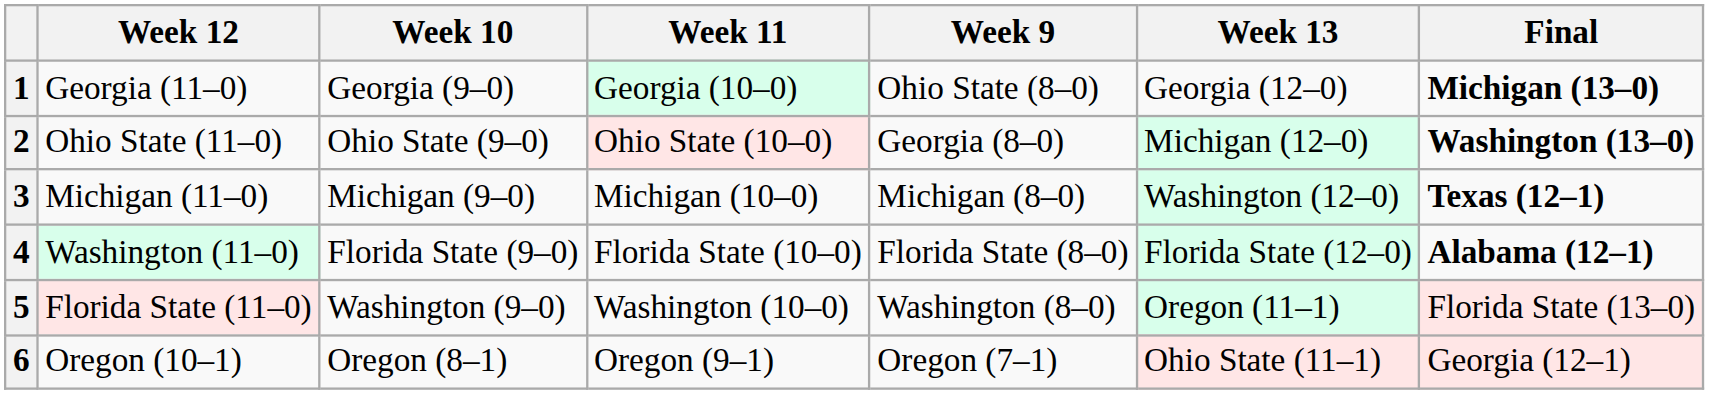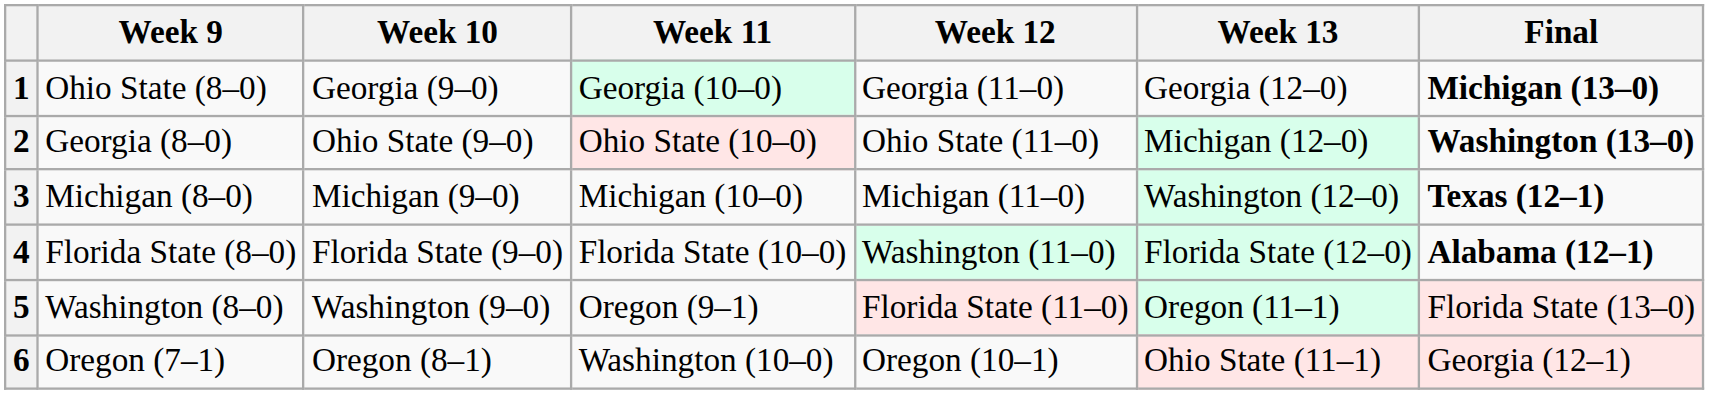 <table class="wikitable" style="font-size:90%">
 <tr>
 <th></th>
-<th>Week 12</th>
+<th>Week 9</th>
 <th>Week 10</th>
 <th>Week 11</th>
-<th>Week 9</th>
+<th>Week 12</th>
 <th>Week 13</th>
 <th>Final</th>
 </tr>
 <tr>
 <th>1</th>
-<td>Georgia (11–0)</td>
+<td>Ohio State (8–0)</td>
 <td>Georgia (9–0)</td>
 <td style="background:#d8ffeb">Georgia (10–0)</td>
-<td>Ohio State (8–0)</td>
+<td>Georgia (11–0)</td>
 <td>Georgia (12–0)</td>
 <td style="background:#"><strong>Michigan (13–0)</strong></td>
 </tr>
 <tr>
 <th>2</th>
-<td>Ohio State (11–0)</td>
+<td>Georgia (8–0)</td>
 <td>Ohio State (9–0)</td>
 <td style="background:#ffe6e6">Ohio State (10–0)</td>
-<td>Georgia (8–0)</td>
+<td>Ohio State (11–0)</td>
 <td style="background:#d8ffeb">Michigan (12–0)</td>
 <td style="background:#"><strong>Washington (13–0)</strong></td>
 </tr>
 <tr>
 <th>3</th>
-<td>Michigan (11–0)</td>
+<td>Michigan (8–0)</td>
 <td>Michigan (9–0)</td>
 <td>Michigan (10–0)</td>
-<td>Michigan (8–0)</td>
+<td>Michigan (11–0)</td>
 <td style="background:#d8ffeb">Washington (12–0)</td>
 <td style="background:#"><strong>Texas (12–1)</strong></td>
 </tr>
 <tr>
 <th>4</th>
-<td style="background:#d8ffeb">Washington (11–0)</td>
+<td>Florida State (8–0)</td>
 <td>Florida State (9–0)</td>
 <td>Florida State (10–0)</td>
-<td>Florida State (8–0)</td>
+<td style="background:#d8ffeb">Washington (11–0)</td>
 <td style="background:#d8ffeb">Florida State (12–0)</td>
 <td style="background:#"><strong>Alabama (12–1)</strong></td>
 </tr>
 <tr>
 <th>5</th>
+<td>Washington (8–0)</td>
+<td>Washington (9–0)</td>
+<td>Oregon (9–1)</td>
 <td style="background:#ffe6e6">Florida State (11–0)</td>
-<td>Washington (9–0)</td>
-<td>Washington (10–0)</td>
-<td>Washington (8–0)</td>
 <td style="background:#d8ffeb">Oregon (11–1)</td>
 <td style="background:#ffe6e6">Florida State (13–0)</td>
 </tr>
 <tr>
 <th>6</th>
+<td>Oregon (7–1)</td>
+<td>Oregon (8–1)</td>
+<td>Washington (10–0)</td>
 <td>Oregon (10–1)</td>
-<td>Oregon (8–1)</td>
-<td>Oregon (9–1)</td>
-<td>Oregon (7–1)</td>
 <td style="background:#ffe6e6">Ohio State (11–1)</td>
 <td style="background:#ffe6e6">Georgia (12–1)</td>
 </tr>
 </table>
